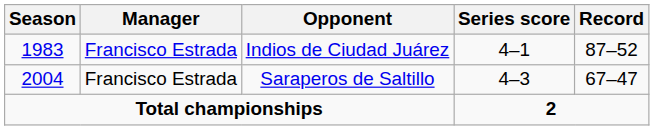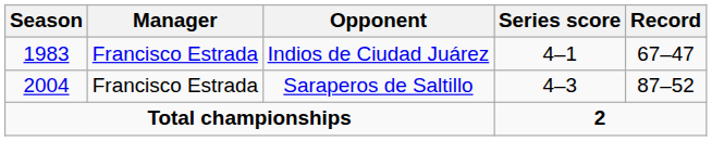 <table class="wikitable plainrowheaders sortable" style="text-align:center;">
 <tr>
 <th scope="col">Season</th>
 <th scope="col">Manager</th>
 <th scope="col">Opponent</th>
 <th scope="col">Series score</th>
 <th scope="col">Record</th>
 </tr>
 <tr>
 <td><a href='#'>1983</a></td>
 <td><a href='#'>Francisco Estrada</a></td>
 <td><a href='#'>Indios de Ciudad Juárez</a></td>
 <td>4–1</td>
-<td>87–52</td>
+<td>67–47</td>
 </tr>
 <tr>
 <td><a href='#'>2004</a></td>
 <td>Francisco Estrada</td>
 <td><a href='#'>Saraperos de Saltillo</a></td>
 <td>4–3</td>
-<td>67–47</td>
+<td>87–52</td>
 </tr>
 <tr>
 <td colspan="3"><strong>Total championships</strong></td>
 <td colspan="2"><strong>2</strong></td>
 </tr>
 </table>
